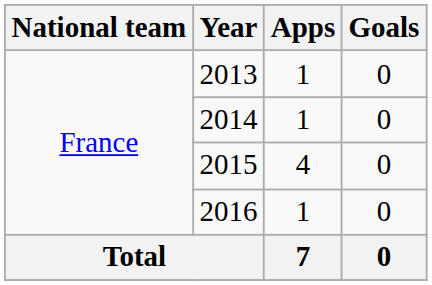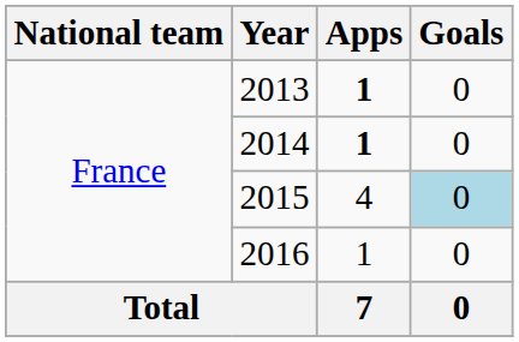 <table class="wikitable" style="text-align:center">
 <tr>
 <th>National team</th>
 <th>Year</th>
 <th>Apps</th>
 <th>Goals</th>
 </tr>
 <tr>
 <td rowspan="4"><a href='#'>France</a></td>
 <td>2013</td>
-<td>1</td>
+<td><strong>1</strong></td>
 <td>0</td>
 </tr>
 <tr>
 <td>2014</td>
-<td>1</td>
+<td><strong>1</strong></td>
 <td>0</td>
 </tr>
 <tr>
 <td>2015</td>
 <td>4</td>
-<td>0</td>
+<td style="background: lightblue;">0</td>
 </tr>
 <tr>
 <td>2016</td>
 <td>1</td>
 <td>0</td>
 </tr>
 <tr>
 <th colspan="2">Total</th>
 <th>7</th>
 <th>0</th>
 </tr>
 </table>
